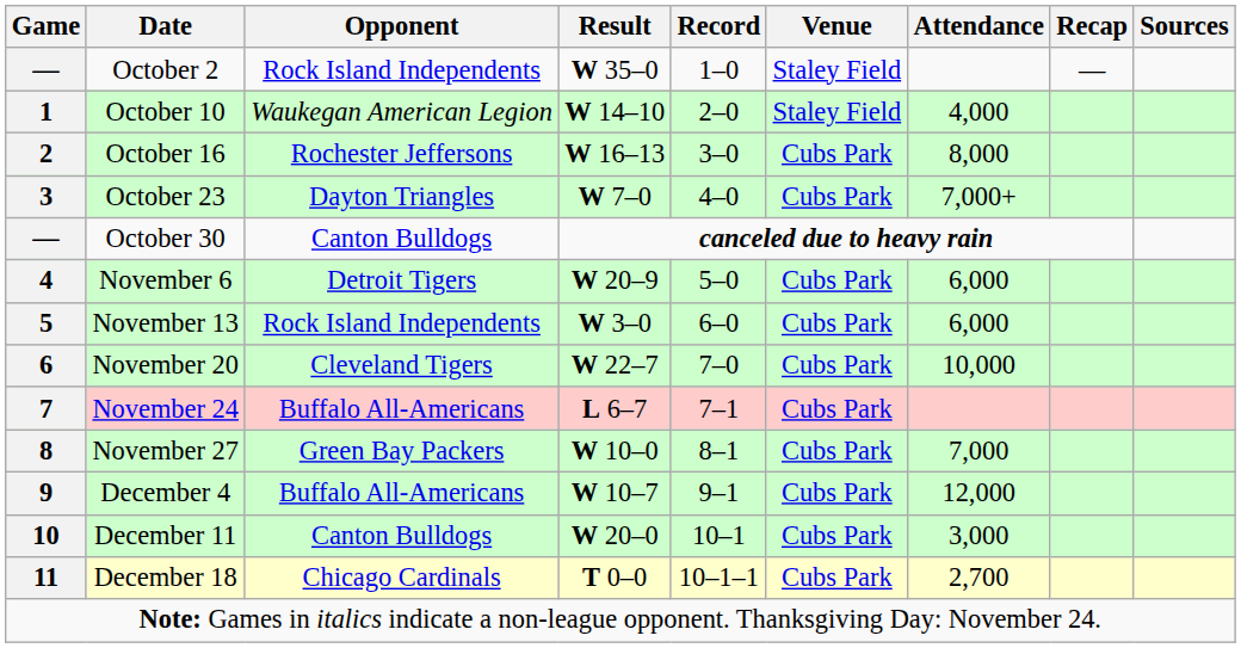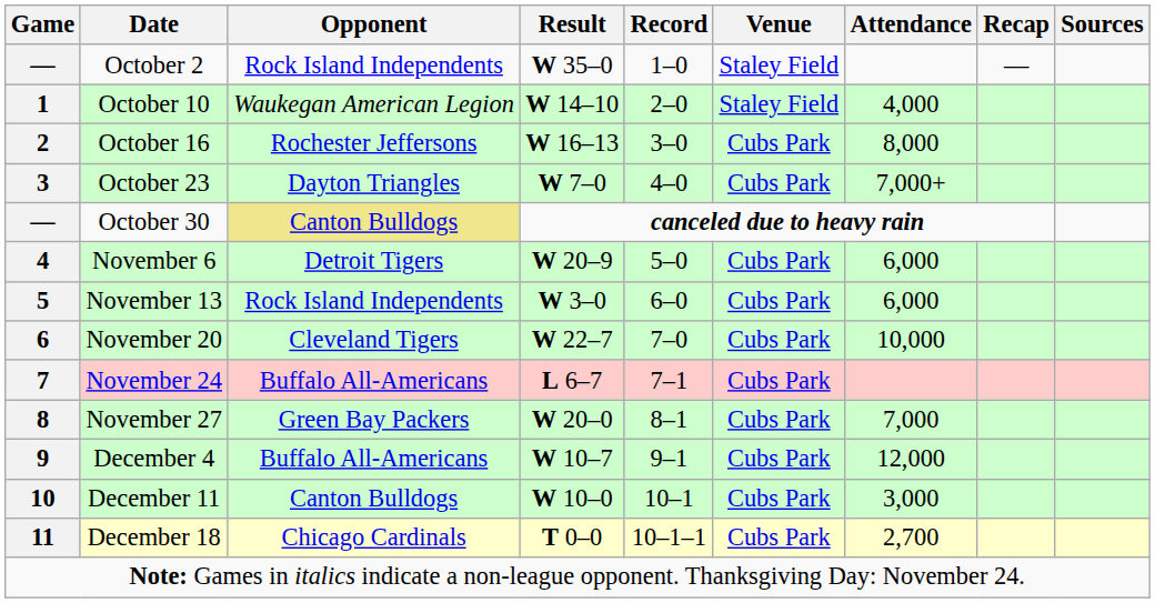 <table class="wikitable" style="text-align:center">
 <tr>
 <th>Game</th>
 <th>Date</th>
 <th>Opponent</th>
 <th>Result</th>
 <th>Record</th>
 <th>Venue</th>
 <th>Attendance</th>
 <th>Recap</th>
 <th>Sources</th>
 </tr>
 <tr>
 <th>—</th>
 <td>October 2</td>
 <td><a href='#'>Rock Island Independents</a></td>
 <td><strong>W</strong> 35–0</td>
 <td>1–0</td>
 <td><a href='#'>Staley Field</a></td>
 <td></td>
 <td>—</td>
 <td></td>
 </tr>
 <tr style="background:#cfc">
 <th>1</th>
 <td>October 10</td>
 <td><em>Waukegan American Legion</em></td>
 <td><strong>W</strong> 14–10</td>
 <td>2–0</td>
 <td><a href='#'>Staley Field</a></td>
 <td>4,000 </td>
 <td></td>
 <td></td>
 </tr>
 <tr style="background:#cfc">
 <th>2</th>
 <td>October 16</td>
 <td><a href='#'>Rochester Jeffersons</a></td>
 <td><strong>W</strong> 16–13</td>
 <td>3–0</td>
 <td><a href='#'>Cubs Park</a></td>
 <td>8,000</td>
 <td></td>
 <td></td>
 </tr>
 <tr style="background:#cfc">
 <th>3</th>
 <td>October 23</td>
 <td><a href='#'>Dayton Triangles</a></td>
 <td><strong>W</strong> 7–0</td>
 <td>4–0</td>
 <td><a href='#'>Cubs Park</a></td>
 <td>7,000+ </td>
 <td></td>
 <td></td>
 </tr>
 <tr>
 <th>—</th>
 <td>October 30</td>
-<td><a href='#'>Canton Bulldogs</a></td>
+<td style="background: khaki;"><a href='#'>Canton Bulldogs</a></td>
 <td colspan="5"><strong><em>canceled due to heavy rain</em></strong></td>
 <td></td>
 </tr>
 <tr style="background:#cfc">
 <th>4</th>
 <td>November 6</td>
 <td><a href='#'>Detroit Tigers</a></td>
 <td><strong>W</strong> 20–9</td>
 <td>5–0</td>
 <td><a href='#'>Cubs Park</a></td>
 <td>6,000</td>
 <td></td>
 <td></td>
 </tr>
 <tr style="background:#cfc">
 <th>5</th>
 <td>November 13</td>
 <td><a href='#'>Rock Island Independents</a></td>
 <td><strong>W</strong> 3–0</td>
 <td>6–0</td>
 <td><a href='#'>Cubs Park</a></td>
 <td>6,000</td>
 <td></td>
 <td></td>
 </tr>
 <tr style="background:#cfc">
 <th>6</th>
 <td>November 20</td>
 <td><a href='#'>Cleveland Tigers</a></td>
 <td><strong>W</strong> 22–7</td>
 <td>7–0</td>
 <td><a href='#'>Cubs Park</a></td>
 <td>10,000</td>
 <td></td>
 <td></td>
 </tr>
 <tr style="background:#fcc">
 <th>7</th>
 <td><a href='#'>November 24</a></td>
 <td><a href='#'>Buffalo All-Americans</a></td>
 <td><strong>L</strong> 6–7</td>
 <td>7–1</td>
 <td><a href='#'>Cubs Park</a></td>
 <td></td>
 <td></td>
 <td></td>
 </tr>
 <tr style="background:#cfc">
 <th>8</th>
 <td>November 27</td>
 <td><a href='#'>Green Bay Packers</a></td>
-<td><strong>W</strong> 10–0</td>
+<td><strong>W</strong> 20–0</td>
 <td>8–1</td>
 <td><a href='#'>Cubs Park</a></td>
 <td>7,000</td>
 <td></td>
 <td></td>
 </tr>
 <tr style="background:#cfc">
 <th>9</th>
 <td>December 4</td>
 <td><a href='#'>Buffalo All-Americans</a></td>
 <td><strong>W</strong> 10–7</td>
 <td>9–1</td>
 <td><a href='#'>Cubs Park</a></td>
 <td>12,000</td>
 <td></td>
 <td></td>
 </tr>
 <tr style="background:#cfc">
 <th>10</th>
 <td>December 11</td>
 <td><a href='#'>Canton Bulldogs</a></td>
-<td><strong>W</strong> 20–0</td>
+<td><strong>W</strong> 10–0</td>
 <td>10–1</td>
 <td><a href='#'>Cubs Park</a></td>
 <td>3,000</td>
 <td></td>
 <td></td>
 </tr>
 <tr style="background:#ffc">
 <th>11</th>
 <td>December 18</td>
 <td><a href='#'>Chicago Cardinals</a></td>
 <td><strong>T</strong> 0–0</td>
 <td>10–1–1</td>
 <td><a href='#'>Cubs Park</a></td>
 <td>2,700</td>
 <td></td>
 <td></td>
 </tr>
 <tr>
 <td colspan="10"><strong>Note:</strong> Games in <em>italics</em> indicate a non-league opponent. Thanksgiving Day: November 24.</td>
 </tr>
 </table>
